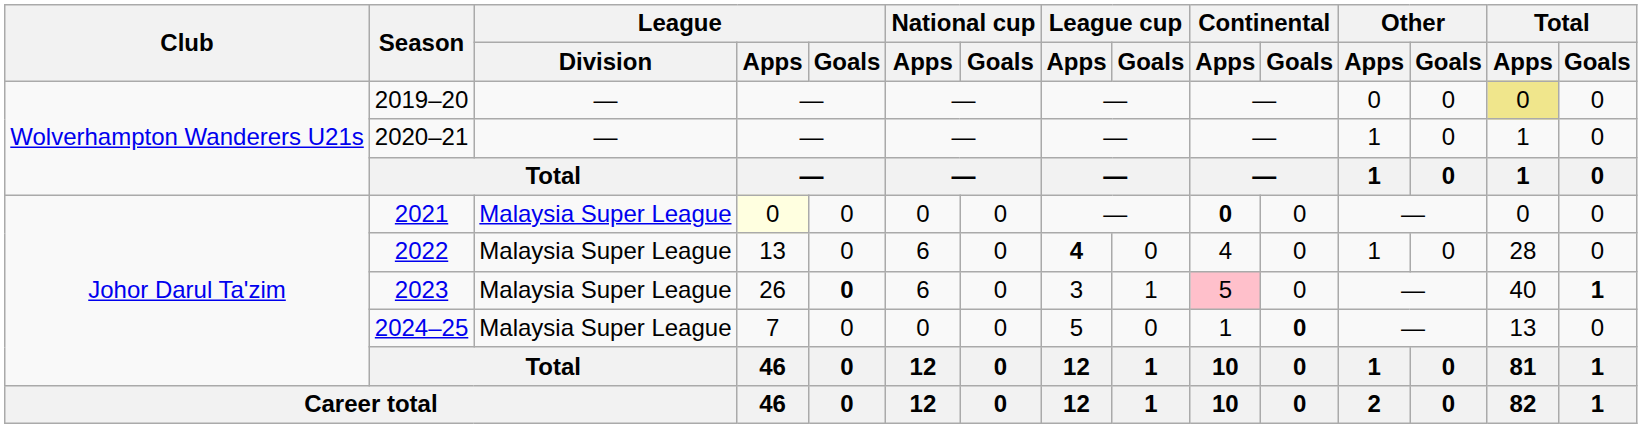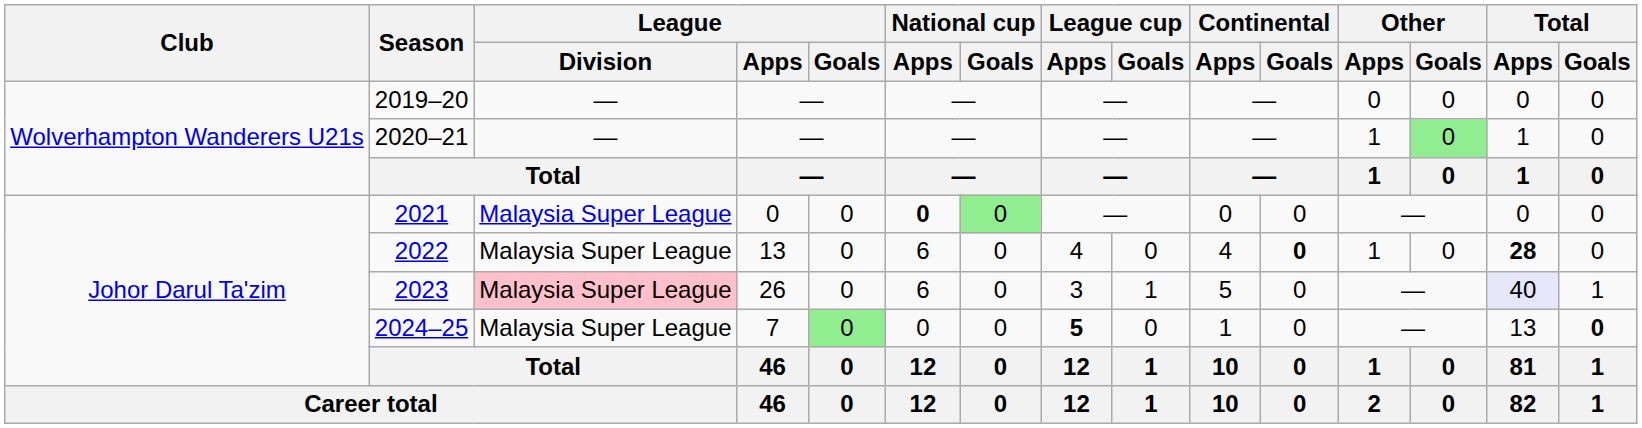 <table class="wikitable" style="text-align: center">
 <tr>
 <th rowspan="2">Club</th>
 <th rowspan="2">Season</th>
 <th colspan="3">League</th>
 <th colspan="2">National cup</th>
 <th colspan="2">League cup</th>
 <th colspan="2">Continental</th>
 <th colspan="2">Other</th>
 <th colspan="2">Total</th>
 </tr>
 <tr>
 <th>Division</th>
 <th>Apps</th>
 <th>Goals</th>
 <th>Apps</th>
 <th>Goals</th>
 <th>Apps</th>
 <th>Goals</th>
 <th>Apps</th>
 <th>Goals</th>
 <th>Apps</th>
 <th>Goals</th>
 <th>Apps</th>
 <th>Goals</th>
 </tr>
 <tr>
 <td rowspan="3"><a href='#'>Wolverhampton Wanderers U21s</a></td>
 <td>2019–20</td>
 <td>—</td>
 <td colspan="2">—</td>
 <td colspan="2">—</td>
 <td colspan="2">—</td>
 <td colspan="2">—</td>
 <td>0</td>
 <td>0</td>
-<td style="background: khaki;">0</td>
+<td>0</td>
 <td>0</td>
 </tr>
 <tr>
 <td>2020–21</td>
 <td>—</td>
 <td colspan="2">—</td>
 <td colspan="2">—</td>
 <td colspan="2">—</td>
 <td colspan="2">—</td>
 <td>1</td>
-<td>0</td>
+<td style="background: lightgreen;">0</td>
 <td>1</td>
 <td>0</td>
 </tr>
 <tr>
 <th colspan=2>Total</th>
 <th colspan="2">—</th>
 <th colspan="2">—</th>
 <th colspan="2">—</th>
 <th colspan="2">—</th>
 <th>1</th>
 <th>0</th>
 <th>1</th>
 <th>0</th>
 </tr>
 <tr>
 <td rowspan="5"><a href='#'>Johor Darul Ta'zim</a></td>
 <td><a href='#'>2021</a></td>
 <td><a href='#'>Malaysia Super League</a></td>
-<td style="background: lightyellow;">0</td>
 <td>0</td>
 <td>0</td>
+<td><strong>0</strong></td>
+<td style="background: lightgreen;">0</td>
+<td colspan="2">—</td>
 <td>0</td>
-<td colspan="2">—</td>
-<td><strong>0</strong></td>
 <td>0</td>
 <td colspan="2">—</td>
 <td>0</td>
 <td>0</td>
 </tr>
 <tr>
 <td><a href='#'>2022</a></td>
 <td>Malaysia Super League</td>
 <td>13</td>
 <td>0</td>
 <td>6</td>
 <td>0</td>
-<td><strong>4</strong></td>
+<td>4</td>
 <td>0</td>
 <td>4</td>
-<td>0</td>
+<td><strong>0</strong></td>
 <td>1</td>
 <td>0</td>
-<td>28</td>
+<td><strong>28</strong></td>
 <td>0</td>
 </tr>
 <tr>
 <td><a href='#'>2023</a></td>
-<td>Malaysia Super League</td>
+<td style="background: pink;">Malaysia Super League</td>
 <td>26</td>
-<td><strong>0</strong></td>
+<td>0</td>
 <td>6</td>
 <td>0</td>
 <td>3</td>
 <td>1</td>
-<td style="background: pink;">5</td>
+<td>5</td>
 <td>0</td>
 <td colspan="2">—</td>
-<td>40</td>
-<td><strong>1</strong></td>
+<td style="background: lavender;">40</td>
+<td>1</td>
 </tr>
 <tr>
 <td><a href='#'>2024–25</a></td>
 <td>Malaysia Super League</td>
 <td>7</td>
+<td style="background: lightgreen;">0</td>
 <td>0</td>
 <td>0</td>
-<td>0</td>
-<td>5</td>
+<td><strong>5</strong></td>
 <td>0</td>
 <td>1</td>
-<td><strong>0</strong></td>
+<td>0</td>
 <td colspan="2">—</td>
 <td>13</td>
-<td>0</td>
+<td><strong>0</strong></td>
 </tr>
 <tr>
 <th colspan=2>Total</th>
 <th>46</th>
 <th>0</th>
 <th>12</th>
 <th>0</th>
 <th>12</th>
 <th>1</th>
 <th>10</th>
 <th>0</th>
 <th>1</th>
 <th>0</th>
 <th>81</th>
 <th>1</th>
 </tr>
 <tr>
 <th colspan=3>Career total</th>
 <th>46</th>
 <th>0</th>
 <th>12</th>
 <th>0</th>
 <th>12</th>
 <th>1</th>
 <th>10</th>
 <th>0</th>
 <th>2</th>
 <th>0</th>
 <th>82</th>
 <th>1</th>
 </tr>
 </table>
